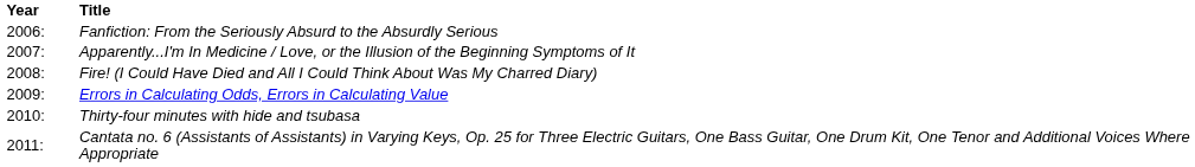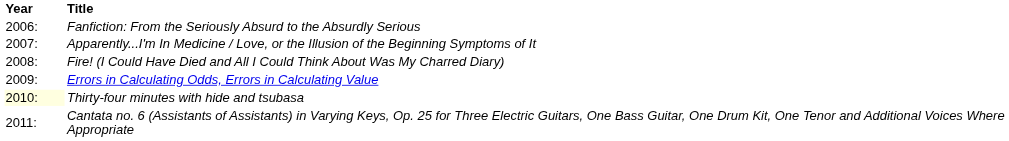 <table>
 <tr>
 <td style="width:5%;"><strong>Year</strong></td>
 <td style="width:80%;"><strong>Title</strong></td>
 </tr>
 <tr>
 <td>2006:</td>
 <td><em>Fanfiction: From the Seriously Absurd to the Absurdly Serious</em></td>
 </tr>
 <tr>
 <td>2007:</td>
 <td><em>Apparently...I'm In Medicine / Love, or the Illusion of the Beginning Symptoms of It</em></td>
 </tr>
 <tr>
 <td>2008:</td>
 <td><em>Fire! (I Could Have Died and All I Could Think About Was My Charred Diary)</em></td>
 </tr>
 <tr>
 <td>2009:</td>
 <td><em><a href='#'>Errors in Calculating Odds, Errors in Calculating Value</a></em></td>
 </tr>
 <tr>
-<td>2010:</td>
+<td style="background: lightyellow;">2010:</td>
 <td><em>Thirty-four minutes with hide and tsubasa</em></td>
 </tr>
 <tr>
 <td>2011:</td>
 <td><em>Cantata no. 6 (Assistants of Assistants) in Varying Keys, Op. 25 for Three Electric Guitars, One Bass Guitar, One Drum Kit, One Tenor and Additional Voices Where Appropriate</em></td>
 </tr>
 </table>
